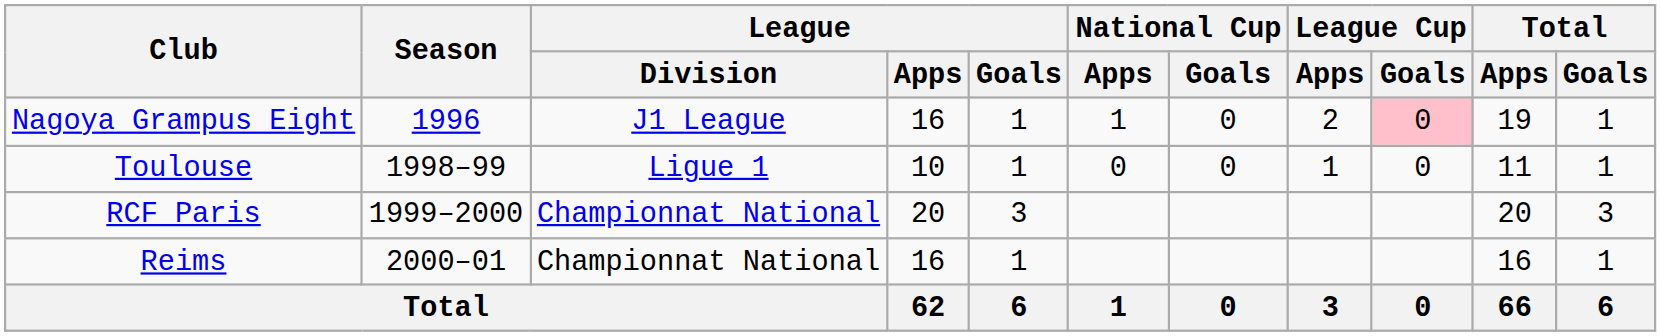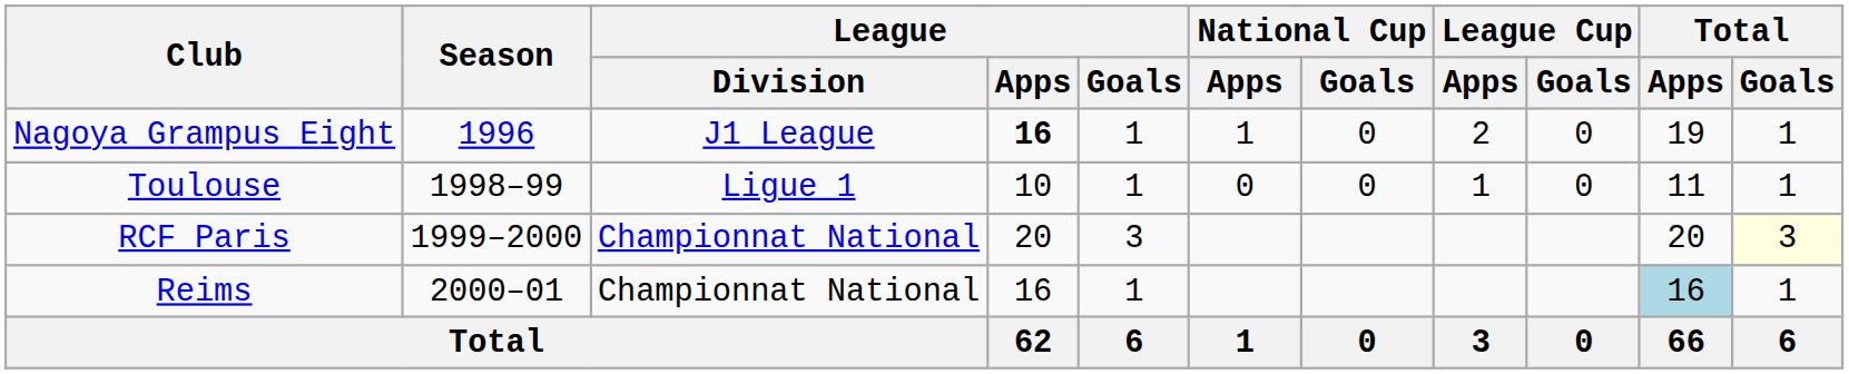 <table class="wikitable" style="text-align:center">
 <tr>
 <th rowspan="2">Club</th>
 <th rowspan="2">Season</th>
 <th colspan="3">League</th>
 <th colspan="2">National Cup</th>
 <th colspan="2">League Cup</th>
 <th colspan="2">Total</th>
 </tr>
 <tr>
 <th>Division</th>
 <th>Apps</th>
 <th>Goals</th>
 <th>Apps</th>
 <th>Goals</th>
 <th>Apps</th>
 <th>Goals</th>
 <th>Apps</th>
 <th>Goals</th>
 </tr>
 <tr>
 <td><a href='#'>Nagoya Grampus Eight</a></td>
 <td><a href='#'>1996</a></td>
 <td><a href='#'>J1 League</a></td>
-<td>16</td>
+<td><strong>16</strong></td>
 <td>1</td>
 <td>1</td>
 <td>0</td>
 <td>2</td>
-<td style="background: pink;">0</td>
+<td>0</td>
 <td>19</td>
 <td>1</td>
 </tr>
 <tr>
 <td><a href='#'>Toulouse</a></td>
 <td>1998–99</td>
 <td><a href='#'>Ligue 1</a></td>
 <td>10</td>
 <td>1</td>
 <td>0</td>
 <td>0</td>
 <td>1</td>
 <td>0</td>
 <td>11</td>
 <td>1</td>
 </tr>
 <tr>
 <td><a href='#'>RCF Paris</a></td>
 <td>1999–2000</td>
 <td><a href='#'>Championnat National</a></td>
 <td>20</td>
 <td>3</td>
 <td></td>
 <td></td>
 <td></td>
 <td></td>
 <td>20</td>
-<td>3</td>
+<td style="background: lightyellow;">3</td>
 </tr>
 <tr>
 <td><a href='#'>Reims</a></td>
 <td>2000–01</td>
 <td>Championnat National</td>
 <td>16</td>
 <td>1</td>
 <td></td>
 <td></td>
 <td></td>
 <td></td>
-<td>16</td>
+<td style="background: lightblue;">16</td>
 <td>1</td>
 </tr>
 <tr>
 <th colspan="3">Total</th>
 <th>62</th>
 <th>6</th>
 <th>1</th>
 <th>0</th>
 <th>3</th>
 <th>0</th>
 <th>66</th>
 <th>6</th>
 </tr>
 </table>
